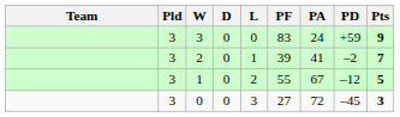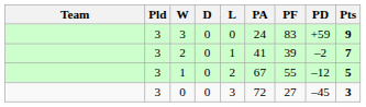 <table class="wikitable" style="text-align:center;">
 <tr>
 <th width=175>Team</th>
 <th width=25 abbr="Played">Pld</th>
 <th width=25 abbr="Won">W</th>
 <th width=25 abbr="Drawn">D</th>
 <th width=25 abbr="Lost">L</th>
+<th width=32 abbr="Points against">PA</th>
 <th width=32 abbr="Points for">PF</th>
-<th width=32 abbr="Points against">PA</th>
 <th width=32 abbr="Points difference">PD</th>
 <th width=25 abbr="Points">Pts</th>
 </tr>
 <tr bgcolor=ccffcc>
 <td align=left></td>
 <td>3</td>
 <td>3</td>
 <td>0</td>
 <td>0</td>
+<td>24</td>
 <td>83</td>
-<td>24</td>
 <td>+59</td>
 <td><strong>9</strong></td>
 </tr>
 <tr bgcolor=ccffcc>
 <td align=left></td>
 <td>3</td>
 <td>2</td>
 <td>0</td>
 <td>1</td>
+<td>41</td>
 <td>39</td>
-<td>41</td>
 <td>–2</td>
 <td><strong>7</strong></td>
 </tr>
 <tr bgcolor=ccffcc>
 <td align=left></td>
 <td>3</td>
 <td>1</td>
 <td>0</td>
 <td>2</td>
+<td>67</td>
 <td>55</td>
-<td>67</td>
 <td>–12</td>
 <td><strong>5</strong></td>
 </tr>
 <tr>
 <td align=left></td>
 <td>3</td>
 <td>0</td>
 <td>0</td>
 <td>3</td>
+<td>72</td>
 <td>27</td>
-<td>72</td>
 <td>–45</td>
 <td><strong>3</strong></td>
 </tr>
 </table>
